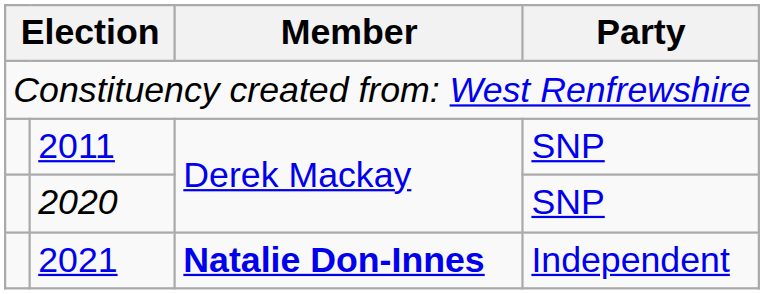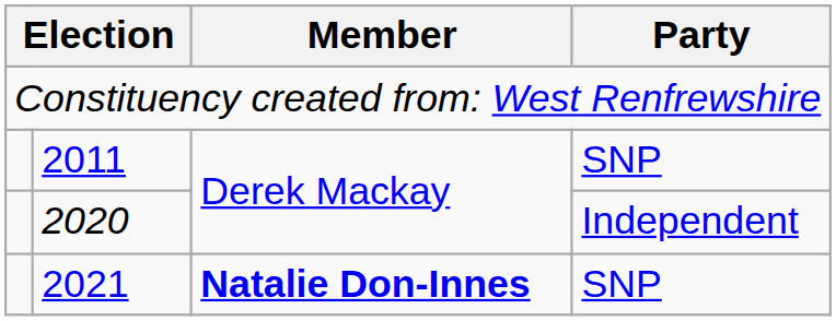 <table class="wikitable">
 <tr>
 <th colspan="2">Election</th>
 <th>Member</th>
 <th>Party</th>
 </tr>
 <tr>
 <td colspan="5"><em>Constituency created from: <a href='#'>West Renfrewshire</a></em></td>
 </tr>
 <tr>
 <td style="background-color: "></td>
 <td><a href='#'>2011</a></td>
 <td rowspan="2"><a href='#'>Derek Mackay</a></td>
 <td><a href='#'>SNP</a></td>
 </tr>
 <tr>
 <td style="background-color: "></td>
 <td><em>2020</em></td>
-<td><a href='#'>SNP</a></td>
+<td><a href='#'>Independent</a></td>
 </tr>
 <tr>
 <td style="background-color: "></td>
 <td><a href='#'>2021</a></td>
 <td><strong><a href='#'>Natalie Don-Innes</a></strong></td>
-<td><a href='#'>Independent</a></td>
+<td><a href='#'>SNP</a></td>
 </tr>
 </table>
